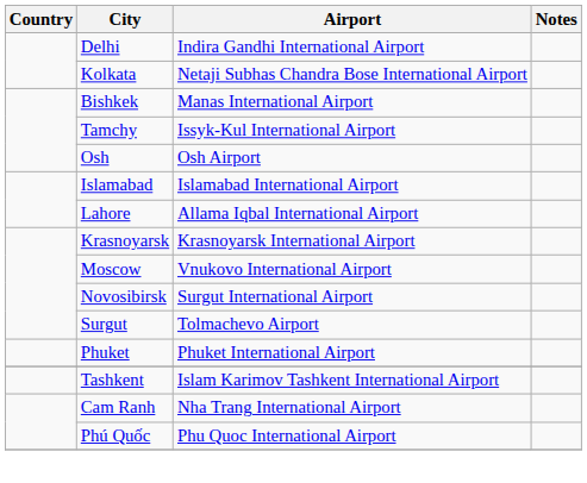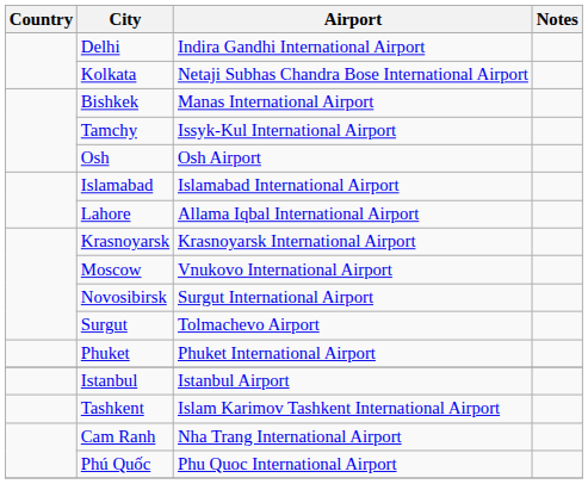 <table class="sortable wikitable">
 <tr>
 <th>Country</th>
 <th>City</th>
 <th>Airport</th>
 <th>Notes</th>
 </tr>
 <tr>
 <td rowspan="2"></td>
 <td><a href='#'>Delhi</a></td>
 <td><a href='#'>Indira Gandhi International Airport</a></td>
 <td></td>
 </tr>
 <tr>
 <td><a href='#'>Kolkata</a></td>
 <td><a href='#'>Netaji Subhas Chandra Bose International Airport</a></td>
 <td></td>
 </tr>
 <tr>
 <td rowspan="3"></td>
 <td><a href='#'>Bishkek</a></td>
 <td><a href='#'>Manas International Airport</a></td>
 <td></td>
 </tr>
 <tr>
 <td><a href='#'>Tamchy</a></td>
 <td><a href='#'>Issyk-Kul International Airport</a></td>
 <td></td>
 </tr>
 <tr>
 <td><a href='#'>Osh</a></td>
 <td><a href='#'>Osh Airport</a></td>
 <td></td>
 </tr>
 <tr>
 <td rowspan="2'"></td>
 <td><a href='#'>Islamabad</a></td>
 <td><a href='#'>Islamabad International Airport</a></td>
 <td></td>
 </tr>
 <tr>
 <td><a href='#'>Lahore</a></td>
 <td><a href='#'>Allama Iqbal International Airport</a></td>
 <td></td>
 </tr>
 <tr>
 <td rowspan="4"></td>
 <td><a href='#'>Krasnoyarsk</a></td>
 <td><a href='#'>Krasnoyarsk International Airport</a></td>
 <td></td>
 </tr>
 <tr>
 <td><a href='#'>Moscow</a></td>
 <td><a href='#'>Vnukovo International Airport</a></td>
 <td></td>
 </tr>
 <tr>
 <td><a href='#'>Novosibirsk</a></td>
 <td><a href='#'>Surgut International Airport</a></td>
 <td></td>
 </tr>
 <tr>
 <td><a href='#'>Surgut</a></td>
 <td><a href='#'>Tolmachevo Airport</a></td>
 <td></td>
 </tr>
 <tr>
 <td></td>
 <td><a href='#'>Phuket</a></td>
 <td><a href='#'>Phuket International Airport</a></td>
 <td></td>
 </tr>
 <tr>
 </tr>
 <tr>
 <td></td>
+<td><a href='#'>Istanbul</a></td>
+<td><a href='#'>Istanbul Airport</a></td>
+<td></td>
+</tr>
+<tr>
+<td></td>
 <td><a href='#'>Tashkent</a></td>
 <td><a href='#'>Islam Karimov Tashkent International Airport</a></td>
 <td></td>
 </tr>
 <tr>
 <td rowspan="2"></td>
 <td><a href='#'>Cam Ranh</a></td>
 <td><a href='#'>Nha Trang International Airport</a></td>
 <td></td>
 </tr>
 <tr>
 <td><a href='#'>Phú Quốc</a></td>
 <td><a href='#'>Phu Quoc International Airport</a></td>
 <td></td>
 </tr>
 <tr>
 </tr>
 </table>
